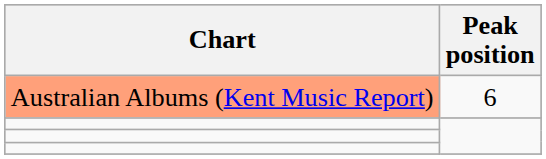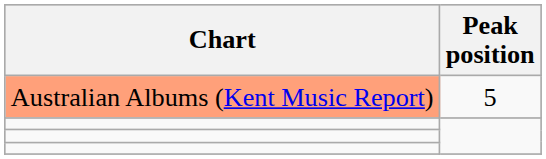 <table class="wikitable sortable">
 <tr>
 <th>Chart</th>
 <th>Peak<br>position</th>
 </tr>
 <tr>
 <td style="background: lightsalmon;">Australian Albums (<a href='#'>Kent Music Report</a>)</td>
-<td align=center>6</td>
+<td align=center>5</td>
 </tr>
 <tr>
 <td></td>
 </tr>
 <tr>
 <td></td>
 </tr>
 <tr>
 <td></td>
 </tr>
 </table>
